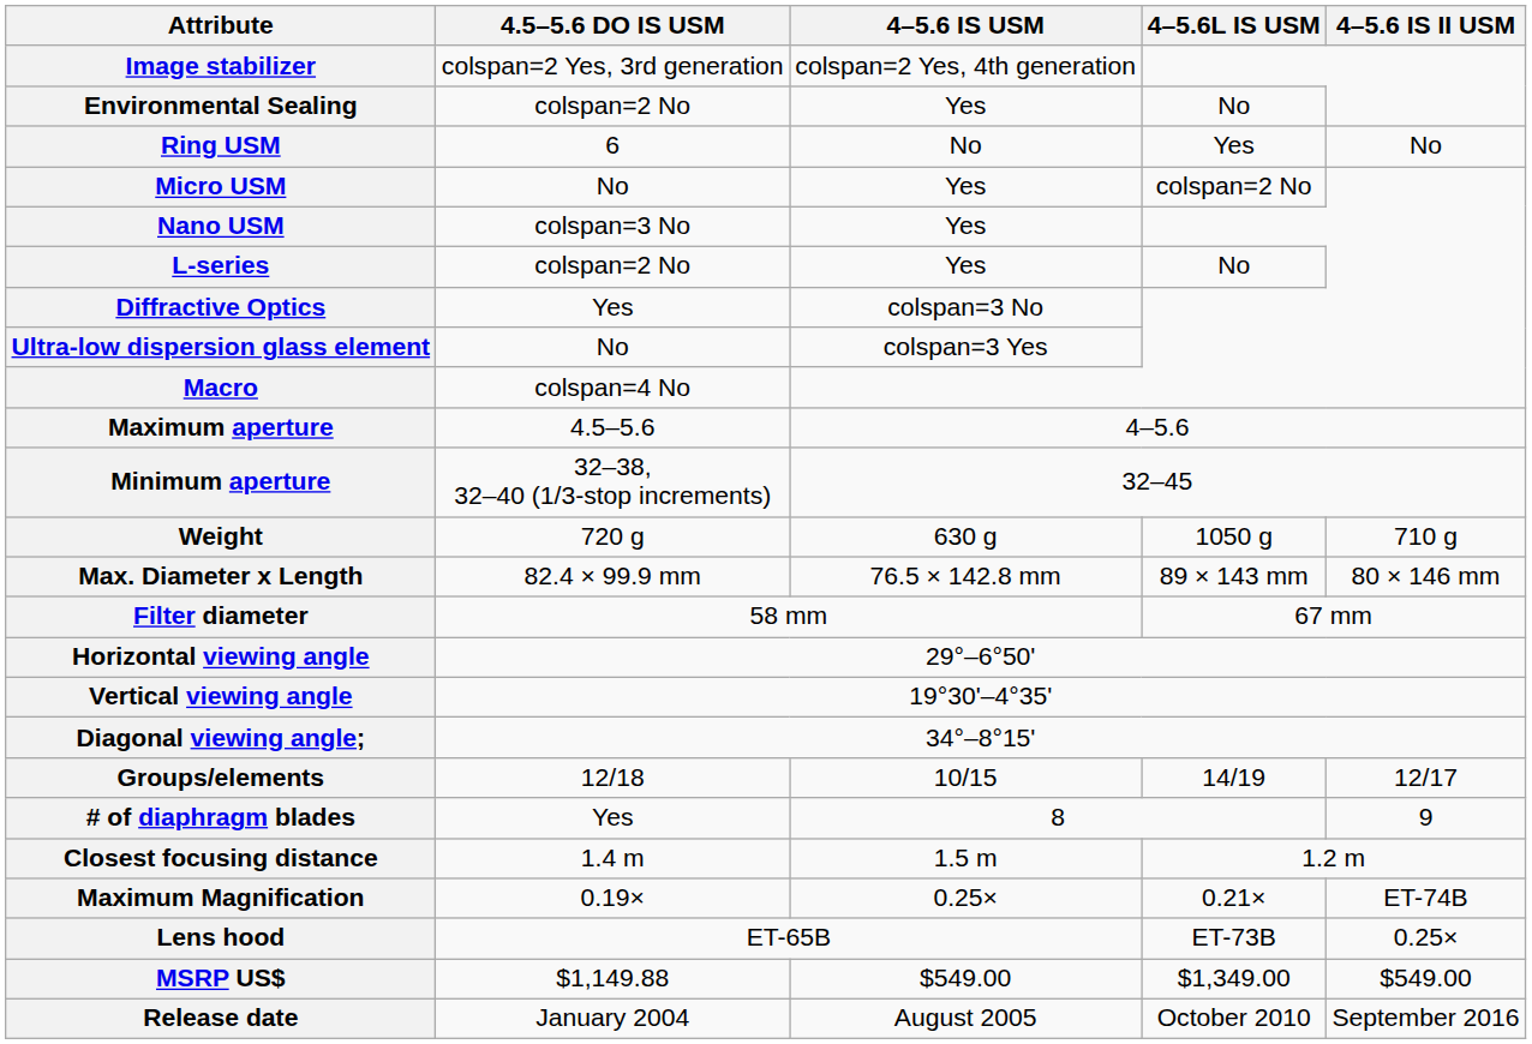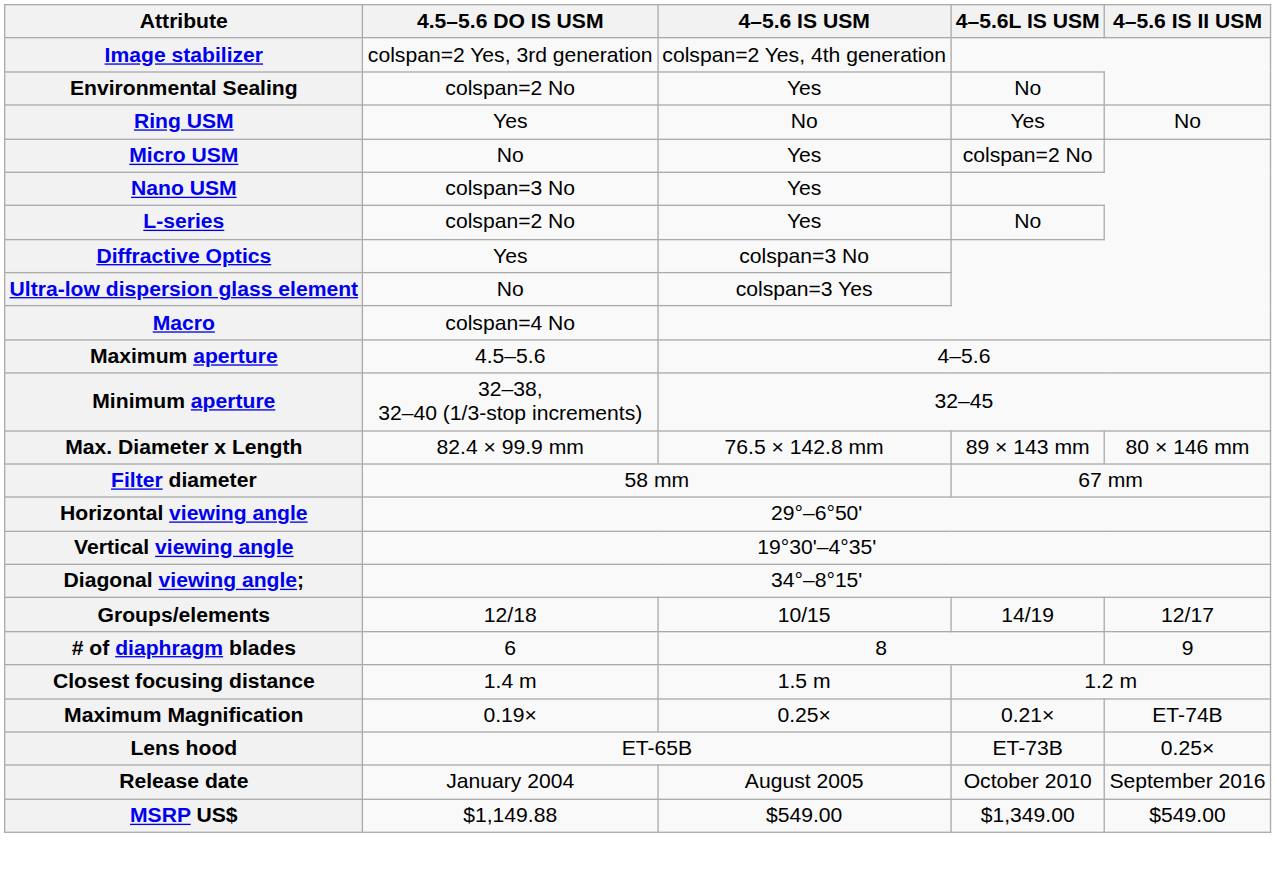 <table class="wikitable" style="text-align:center">
 <tr>
 <th>Attribute</th>
 <th>4.5–5.6 DO IS USM</th>
 <th>4–5.6 IS USM</th>
 <th>4–5.6L IS USM</th>
 <th>4–5.6 IS II USM</th>
 </tr>
 <tr>
 <th><a href='#'>Image stabilizer</a></th>
 <td>colspan=2 Yes, 3rd generation</td>
 <td>colspan=2 Yes, 4th generation</td>
 </tr>
 <tr>
 <th>Environmental Sealing</th>
 <td>colspan=2 No</td>
 <td>Yes</td>
 <td>No</td>
 </tr>
 <tr>
 <th><a href='#'>Ring USM</a></th>
-<td>6</td>
+<td>Yes</td>
 <td>No</td>
 <td>Yes</td>
 <td>No</td>
 </tr>
 <tr>
 <th><a href='#'>Micro USM</a></th>
 <td>No</td>
 <td>Yes</td>
 <td>colspan=2 No</td>
 </tr>
 <tr>
 <th><a href='#'>Nano USM</a></th>
 <td>colspan=3 No</td>
 <td>Yes</td>
 </tr>
 <tr>
 <th><a href='#'>L-series</a></th>
 <td>colspan=2 No</td>
 <td>Yes</td>
 <td>No</td>
 </tr>
 <tr>
 <th><a href='#'>Diffractive Optics</a></th>
 <td>Yes</td>
 <td>colspan=3 No</td>
 </tr>
 <tr>
 <th><a href='#'>Ultra-low dispersion glass element</a></th>
 <td>No</td>
 <td>colspan=3 Yes</td>
 </tr>
 <tr>
 <th><a href='#'>Macro</a></th>
 <td>colspan=4 No</td>
 </tr>
 <tr>
 <th>Maximum <a href='#'>aperture</a></th>
 <td>4.5–5.6</td>
 <td colspan=3>4–5.6</td>
 </tr>
 <tr>
 <th>Minimum <a href='#'>aperture</a></th>
 <td>32–38,<br> 32–40 (1/3-stop increments)</td>
 <td colspan=3>32–45</td>
 </tr>
 <tr>
-<th>Weight</th>
-<td>720 g</td>
-<td>630 g</td>
-<td>1050 g</td>
-<td>710 g</td>
-</tr>
-<tr>
 <th>Max. Diameter x Length</th>
 <td>82.4 × 99.9 mm</td>
 <td>76.5 × 142.8 mm</td>
 <td>89 × 143 mm</td>
 <td>80 × 146 mm</td>
 </tr>
 <tr>
 <th><a href='#'>Filter</a> diameter</th>
 <td colspan=2>58 mm</td>
 <td colspan=2>67 mm</td>
 </tr>
 <tr>
 <th>Horizontal <a href='#'>viewing angle</a></th>
 <td colspan=4>29°–6°50'</td>
 </tr>
 <tr>
 <th>Vertical <a href='#'>viewing angle</a></th>
 <td colspan=4>19°30'–4°35'</td>
 </tr>
 <tr>
 <th>Diagonal <a href='#'>viewing angle</a>;</th>
 <td colspan=4>34°–8°15'</td>
 </tr>
 <tr>
 <th>Groups/elements</th>
 <td>12/18</td>
 <td>10/15</td>
 <td>14/19</td>
 <td>12/17</td>
 </tr>
 <tr>
 <th># of <a href='#'>diaphragm</a> blades</th>
-<td>Yes</td>
+<td>6</td>
 <td colspan=2>8</td>
 <td>9</td>
 </tr>
 <tr>
 <th>Closest focusing distance</th>
 <td>1.4 m</td>
 <td>1.5 m</td>
 <td colspan=2>1.2 m</td>
 </tr>
 <tr>
 <th>Maximum Magnification</th>
 <td>0.19×</td>
 <td>0.25×</td>
 <td>0.21×</td>
 <td>ET-74B</td>
 </tr>
 <tr>
 <th>Lens hood</th>
 <td colspan=2>ET-65B</td>
 <td>ET-73B</td>
 <td>0.25×</td>
 </tr>
 <tr>
+<th>Release date</th>
+<td>January 2004</td>
+<td>August 2005</td>
+<td>October 2010</td>
+<td>September 2016</td>
+</tr>
+<tr>
 <th><a href='#'>MSRP</a> US$</th>
 <td>$1,149.88</td>
 <td>$549.00</td>
 <td>$1,349.00</td>
 <td>$549.00</td>
 </tr>
-<tr>
-<th>Release date</th>
-<td>January 2004</td>
-<td>August 2005</td>
-<td>October 2010</td>
-<td>September 2016</td>
-</tr>
 </table>
